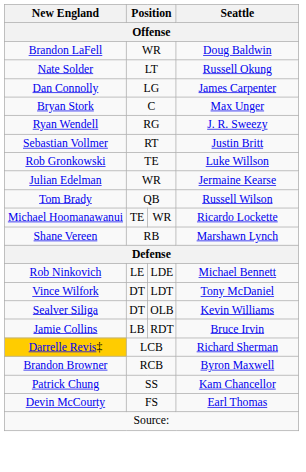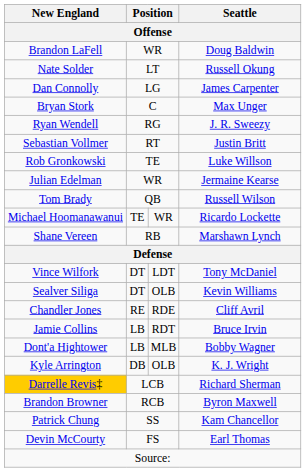 <table class="wikitable" style="text-align:center;">
 <tr>
 <th style="width:160px">New England</th>
 <th colspan="2">Position</th>
 <th style="width:160px">Seattle</th>
 </tr>
 <tr>
 <th colspan="4"><strong>Offense</strong></th>
 </tr>
 <tr>
 <td><a href='#'>Brandon LaFell</a></td>
 <td colspan="2">WR</td>
 <td><a href='#'>Doug Baldwin</a></td>
 </tr>
 <tr>
 <td><a href='#'>Nate Solder</a></td>
 <td colspan="2">LT</td>
 <td><a href='#'>Russell Okung</a></td>
 </tr>
 <tr>
 <td><a href='#'>Dan Connolly</a></td>
 <td colspan="2">LG</td>
 <td><a href='#'>James Carpenter</a></td>
 </tr>
 <tr>
 <td><a href='#'>Bryan Stork</a></td>
 <td colspan="2">C</td>
 <td><a href='#'>Max Unger</a></td>
 </tr>
 <tr>
 <td><a href='#'>Ryan Wendell</a></td>
 <td colspan="2">RG</td>
 <td><a href='#'>J. R. Sweezy</a></td>
 </tr>
 <tr>
 <td><a href='#'>Sebastian Vollmer</a></td>
 <td colspan="2">RT</td>
 <td><a href='#'>Justin Britt</a></td>
 </tr>
 <tr>
 <td><a href='#'>Rob Gronkowski</a></td>
 <td colspan="2">TE</td>
 <td><a href='#'>Luke Willson</a></td>
 </tr>
 <tr>
 <td><a href='#'>Julian Edelman</a></td>
 <td colspan="2">WR</td>
 <td><a href='#'>Jermaine Kearse</a></td>
 </tr>
 <tr>
 <td><a href='#'>Tom Brady</a></td>
 <td colspan="2">QB</td>
 <td><a href='#'>Russell Wilson</a></td>
 </tr>
 <tr>
 <td><a href='#'>Michael Hoomanawanui</a></td>
 <td>TE</td>
 <td>WR</td>
 <td><a href='#'>Ricardo Lockette</a></td>
 </tr>
 <tr>
 <td><a href='#'>Shane Vereen</a></td>
 <td colspan="2">RB</td>
 <td><a href='#'>Marshawn Lynch</a></td>
 </tr>
 <tr>
 <th colspan="4"><strong>Defense</strong></th>
 </tr>
 <tr>
-<td><a href='#'>Rob Ninkovich</a></td>
-<td>LE</td>
-<td>LDE</td>
-<td><a href='#'>Michael Bennett</a></td>
-</tr>
-<tr>
 <td><a href='#'>Vince Wilfork</a></td>
 <td>DT</td>
 <td>LDT</td>
 <td><a href='#'>Tony McDaniel</a></td>
 </tr>
 <tr>
 <td><a href='#'>Sealver Siliga</a></td>
 <td>DT</td>
 <td>OLB</td>
 <td><a href='#'>Kevin Williams</a></td>
 </tr>
 <tr>
+<td><a href='#'>Chandler Jones</a></td>
+<td>RE</td>
+<td>RDE</td>
+<td><a href='#'>Cliff Avril</a></td>
+</tr>
+<tr>
 <td><a href='#'>Jamie Collins</a></td>
 <td>LB</td>
 <td>RDT</td>
 <td><a href='#'>Bruce Irvin</a></td>
+</tr>
+<tr>
+<td><a href='#'>Dont'a Hightower</a></td>
+<td>LB</td>
+<td>MLB</td>
+<td><a href='#'>Bobby Wagner</a></td>
+</tr>
+<tr>
+<td><a href='#'>Kyle Arrington</a></td>
+<td>DB</td>
+<td>OLB</td>
+<td><a href='#'>K. J. Wright</a></td>
 </tr>
 <tr>
 <td bgcolor="#FFCC00"><a href='#'>Darrelle Revis</a>‡</td>
 <td colspan="2">LCB</td>
 <td><a href='#'>Richard Sherman</a></td>
 </tr>
 <tr>
 <td><a href='#'>Brandon Browner</a></td>
 <td colspan="2">RCB</td>
 <td><a href='#'>Byron Maxwell</a></td>
 </tr>
 <tr>
 <td><a href='#'>Patrick Chung</a></td>
 <td colspan="2">SS</td>
 <td><a href='#'>Kam Chancellor</a></td>
 </tr>
 <tr>
 <td><a href='#'>Devin McCourty</a></td>
 <td colspan="2">FS</td>
 <td><a href='#'>Earl Thomas</a></td>
 </tr>
 <tr>
 <td colspan="4">Source:</td>
 </tr>
 </table>
